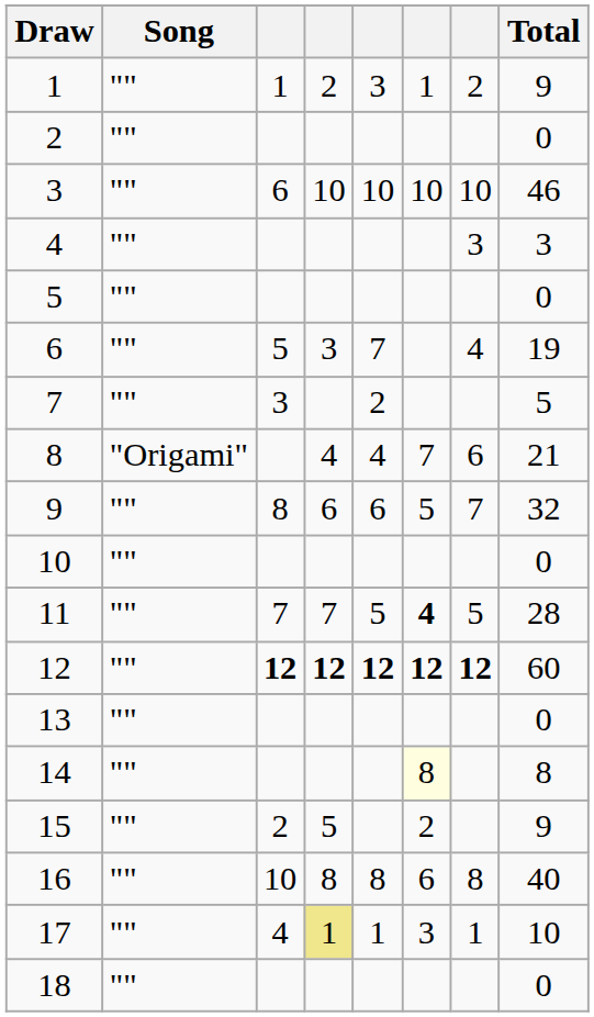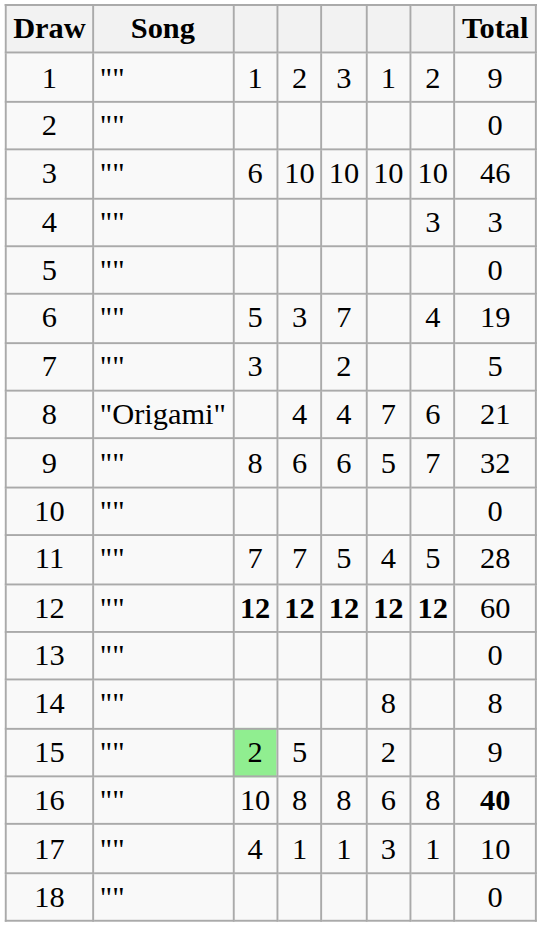 <table class="wikitable collapsible" style="margin: 1em auto 1em auto; text-align:center;">
 <tr>
 </tr>
 <tr>
 <th>Draw</th>
 <th>Song</th>
 <th><small></small></th>
 <th><small></small></th>
 <th><small></small></th>
 <th><small></small></th>
 <th><small></small></th>
 <th>Total</th>
 </tr>
 <tr>
 <td>1</td>
 <td align="left">""</td>
 <td>1</td>
 <td>2</td>
 <td>3</td>
 <td>1</td>
 <td>2</td>
 <td>9</td>
 </tr>
 <tr>
 <td>2</td>
 <td align="left">""</td>
 <td></td>
 <td></td>
 <td></td>
 <td></td>
 <td></td>
 <td>0</td>
 </tr>
 <tr>
 <td>3</td>
 <td align="left">""</td>
 <td>6</td>
 <td>10</td>
 <td>10</td>
 <td>10</td>
 <td>10</td>
 <td>46</td>
 </tr>
 <tr>
 <td>4</td>
 <td align="left">""</td>
 <td></td>
 <td></td>
 <td></td>
 <td></td>
 <td>3</td>
 <td>3</td>
 </tr>
 <tr>
 <td>5</td>
 <td align="left">""</td>
 <td></td>
 <td></td>
 <td></td>
 <td></td>
 <td></td>
 <td>0</td>
 </tr>
 <tr>
 <td>6</td>
 <td align="left">""</td>
 <td>5</td>
 <td>3</td>
 <td>7</td>
 <td></td>
 <td>4</td>
 <td>19</td>
 </tr>
 <tr>
 <td>7</td>
 <td align="left">""</td>
 <td>3</td>
 <td></td>
 <td>2</td>
 <td></td>
 <td></td>
 <td>5</td>
 </tr>
 <tr>
 <td>8</td>
 <td align="left">"Origami"</td>
 <td></td>
 <td>4</td>
 <td>4</td>
 <td>7</td>
 <td>6</td>
 <td>21</td>
 </tr>
 <tr>
 <td>9</td>
 <td align="left">""</td>
 <td>8</td>
 <td>6</td>
 <td>6</td>
 <td>5</td>
 <td>7</td>
 <td>32</td>
 </tr>
 <tr>
 <td>10</td>
 <td align="left">""</td>
 <td></td>
 <td></td>
 <td></td>
 <td></td>
 <td></td>
 <td>0</td>
 </tr>
 <tr>
 <td>11</td>
 <td align="left">""</td>
 <td>7</td>
 <td>7</td>
 <td>5</td>
-<td><strong>4</strong></td>
+<td>4</td>
 <td>5</td>
 <td>28</td>
 </tr>
 <tr>
 <td>12</td>
 <td align="left">""</td>
 <td><strong>12</strong></td>
 <td><strong>12</strong></td>
 <td><strong>12</strong></td>
 <td><strong>12</strong></td>
 <td><strong>12</strong></td>
 <td>60</td>
 </tr>
 <tr>
 <td>13</td>
 <td align="left">""</td>
 <td></td>
 <td></td>
 <td></td>
 <td></td>
 <td></td>
 <td>0</td>
 </tr>
 <tr>
 <td>14</td>
 <td align="left">""</td>
 <td></td>
 <td></td>
 <td></td>
-<td style="background: lightyellow;">8</td>
+<td>8</td>
 <td></td>
 <td>8</td>
 </tr>
 <tr>
 <td>15</td>
 <td align="left">""</td>
-<td>2</td>
+<td style="background: lightgreen;">2</td>
 <td>5</td>
 <td></td>
 <td>2</td>
 <td></td>
 <td>9</td>
 </tr>
 <tr>
 <td>16</td>
 <td align="left">""</td>
 <td>10</td>
 <td>8</td>
 <td>8</td>
 <td>6</td>
 <td>8</td>
-<td>40</td>
+<td><strong>40</strong></td>
 </tr>
 <tr>
 <td>17</td>
 <td align="left">""</td>
 <td>4</td>
-<td style="background: khaki;">1</td>
+<td>1</td>
 <td>1</td>
 <td>3</td>
 <td>1</td>
 <td>10</td>
 </tr>
 <tr>
 <td>18</td>
 <td align="left">""</td>
 <td></td>
 <td></td>
 <td></td>
 <td></td>
 <td></td>
 <td>0</td>
 </tr>
 </table>
